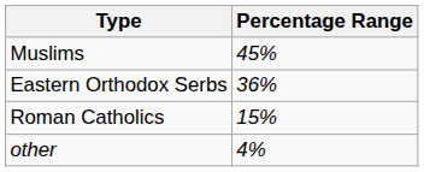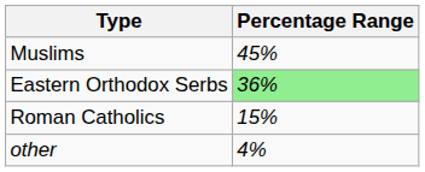 <table class="wikitable">
 <tr>
 <th>Type</th>
 <th>Percentage Range</th>
 </tr>
 <tr>
 <td>Muslims</td>
 <td><em>45%</em></td>
 </tr>
 <tr>
 <td Eastern Orthodox Christians>Eastern Orthodox Serbs</td>
-<td><em>36%</em></td>
+<td style="background: lightgreen;"><em>36%</em></td>
 </tr>
 <tr>
 <td>Roman Catholics</td>
 <td><em>15%</em></td>
 </tr>
 <tr>
 <td><em>other</em></td>
 <td><em>4%</em></td>
 </tr>
 </table>
